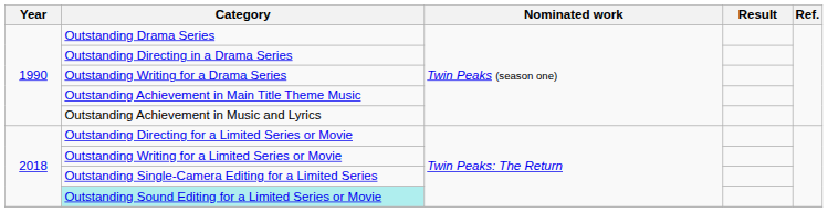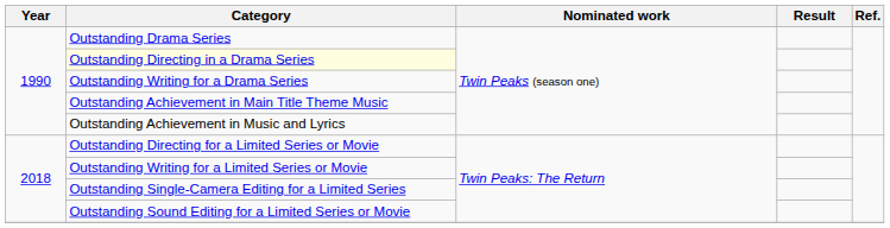 <table class=wikitable>
 <tr>
 <th scope="col" style="width:4em;">Year</th>
 <th scope="col" style="width:28em;">Category</th>
 <th scope="col" style="width:23em;">Nominated work</th>
 <th scope="col" style="width:5em;">Result</th>
 <th>Ref.</th>
 </tr>
 <tr>
 <td style="text-align:center;", rowspan=5><a href='#'>1990</a></td>
 <td><a href='#'>Outstanding Drama Series</a></td>
 <td rowspan=5><em><a href='#'>Twin Peaks</a></em> <small> (season one) </small></td>
 <td></td>
 <td style="text-align:center;", rowspan=5></td>
 </tr>
 <tr>
-<td><a href='#'>Outstanding Directing in a Drama Series</a></td>
+<td style="background: lightyellow;"><a href='#'>Outstanding Directing in a Drama Series</a></td>
 <td></td>
 </tr>
 <tr>
 <td><a href='#'>Outstanding Writing for a Drama Series</a></td>
 <td></td>
 </tr>
 <tr>
 <td><a href='#'>Outstanding Achievement in Main Title Theme Music</a></td>
 <td></td>
 </tr>
 <tr>
 <td>Outstanding Achievement in Music and Lyrics</td>
 <td></td>
 </tr>
 <tr>
 <td style="text-align:center;", rowspan=4><a href='#'>2018</a></td>
 <td><a href='#'>Outstanding Directing for a Limited Series or Movie</a></td>
 <td rowspan=4><em><a href='#'>Twin Peaks: The Return</a></em></td>
 <td></td>
 <td style="text-align:center;", rowspan=4></td>
 </tr>
 <tr>
 <td><a href='#'>Outstanding Writing for a Limited Series or Movie</a></td>
 <td></td>
 </tr>
 <tr>
 <td><a href='#'>Outstanding Single-Camera Editing for a Limited Series</a></td>
 <td></td>
 </tr>
 <tr>
-<td style="background: paleturquoise;"><a href='#'>Outstanding Sound Editing for a Limited Series or Movie</a></td>
+<td><a href='#'>Outstanding Sound Editing for a Limited Series or Movie</a></td>
 <td></td>
 </tr>
 <tr>
 </tr>
 </table>
